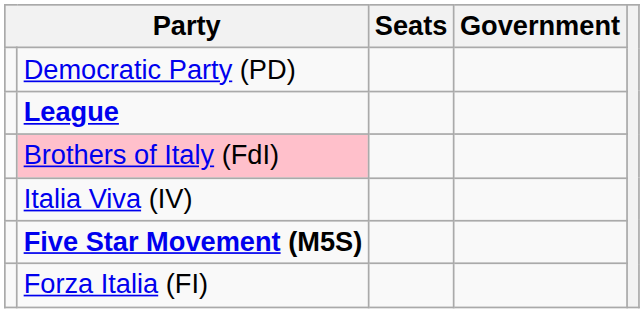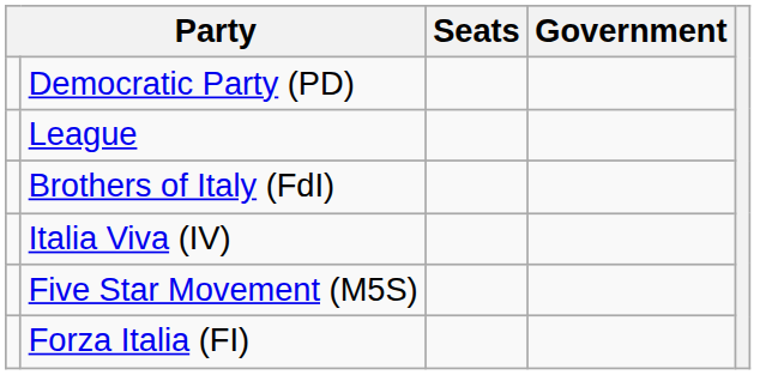 <table class=wikitable>
 <tr>
 <th colspan=2>Party</th>
 <th>Seats</th>
 <th>Government</th>
 <th rowspan=7></th>
 </tr>
 <tr>
 <td></td>
 <td><a href='#'>Democratic Party</a> (PD)</td>
 <td></td>
 <td></td>
 </tr>
 <tr>
 <td></td>
-<td><strong><a href='#'>League</a></strong></td>
+<td><a href='#'>League</a></td>
 <td></td>
 <td></td>
 </tr>
 <tr>
 <td></td>
-<td style="background: pink;"><a href='#'>Brothers of Italy</a> (FdI)</td>
+<td><a href='#'>Brothers of Italy</a> (FdI)</td>
 <td></td>
 <td></td>
 </tr>
 <tr>
 <td></td>
 <td><a href='#'>Italia Viva</a> (IV)</td>
 <td></td>
 <td></td>
 </tr>
 <tr>
 <td></td>
-<td><strong><a href='#'>Five Star Movement</a> (M5S)</strong></td>
+<td><a href='#'>Five Star Movement</a> (M5S)</td>
 <td></td>
 <td></td>
 </tr>
 <tr>
 <td></td>
 <td><a href='#'>Forza Italia</a> (FI)</td>
 <td></td>
 <td></td>
 </tr>
 </table>
